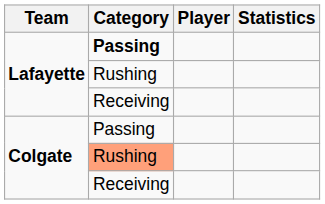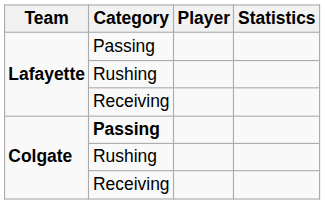 <table class="wikitable" style="float: right;">
 <tr>
 <th>Team</th>
 <th>Category</th>
 <th>Player</th>
 <th>Statistics</th>
 </tr>
 <tr>
 <td rowspan=3><strong>Lafayette</strong></td>
-<td><strong>Passing</strong></td>
+<td>Passing</td>
 <td></td>
 <td></td>
 </tr>
 <tr>
 <td>Rushing</td>
 <td></td>
 <td></td>
 </tr>
 <tr>
 <td>Receiving</td>
 <td></td>
 <td></td>
 </tr>
 <tr>
 <td rowspan=3><strong>Colgate</strong></td>
-<td>Passing</td>
+<td><strong>Passing</strong></td>
 <td></td>
 <td></td>
 </tr>
 <tr>
-<td style="background: lightsalmon;">Rushing</td>
+<td>Rushing</td>
 <td></td>
 <td></td>
 </tr>
 <tr>
 <td>Receiving</td>
 <td></td>
 <td></td>
 </tr>
 </table>
